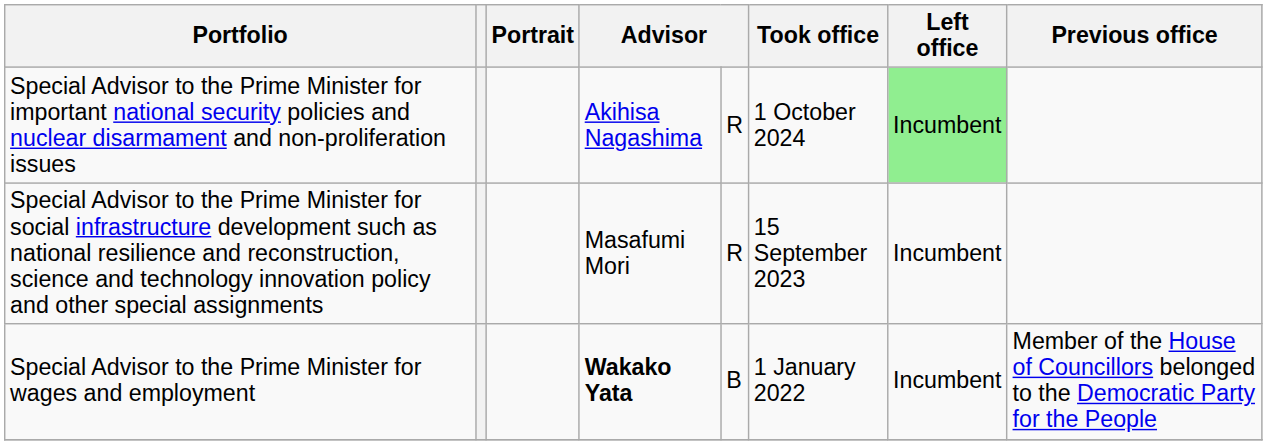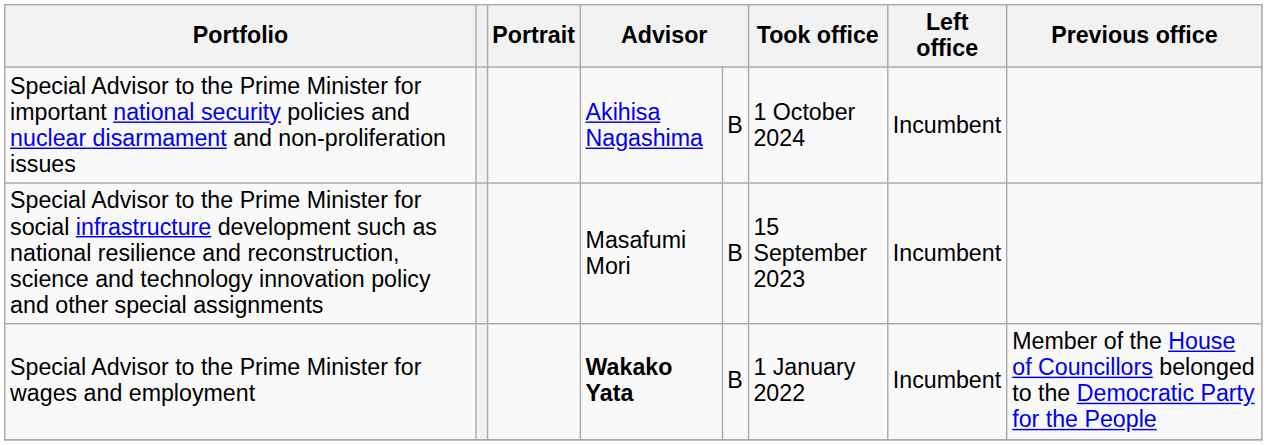 <table class="wikitable">
 <tr>
 <th>Portfolio</th>
 <th></th>
 <th>Portrait</th>
 <th colspan=2>Advisor</th>
 <th>Took office</th>
 <th>Left office</th>
 <th>Previous office</th>
 </tr>
 <tr>
 <td>Special Advisor to the Prime Minister for important <a href='#'>national security</a> policies and <a href='#'>nuclear disarmament</a> and non-proliferation issues</td>
 <th style="color:inherit;background-color: "></th>
 <td style="text-align:center;"></td>
 <td><a href='#'>Akihisa Nagashima</a></td>
-<td>R</td>
+<td>B</td>
 <td>1 October 2024</td>
-<td style="background: lightgreen;">Incumbent</td>
+<td>Incumbent</td>
 <td></td>
 </tr>
 <tr>
 <td>Special Advisor to the Prime Minister for social <a href='#'>infrastructure</a> development such as national resilience and reconstruction, science and technology innovation policy and other special assignments</td>
 <th></th>
 <td style="text-align:center;"></td>
 <td>Masafumi Mori</td>
-<td>R</td>
+<td>B</td>
 <td>15 September 2023</td>
 <td>Incumbent</td>
 <td></td>
 </tr>
 <tr>
 <td>Special Advisor to the Prime Minister for wages and employment</td>
 <th></th>
 <td style="text-align:center;"></td>
 <td><strong>Wakako Yata</strong></td>
 <td>B</td>
 <td>1 January 2022</td>
 <td>Incumbent</td>
 <td>Member of the <a href='#'>House of Councillors</a> belonged to the <a href='#'>Democratic Party for the People</a></td>
 </tr>
 <tr>
 </tr>
 </table>
